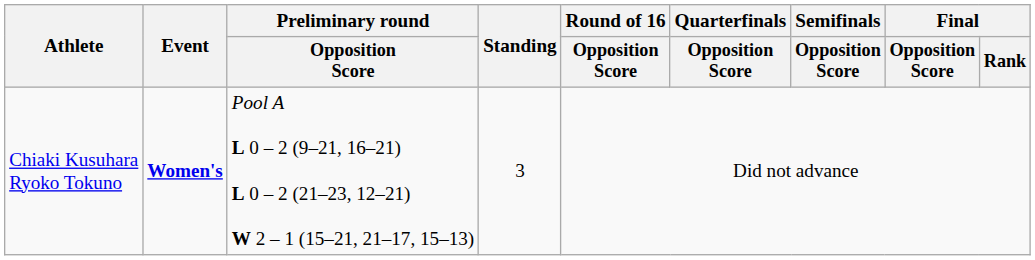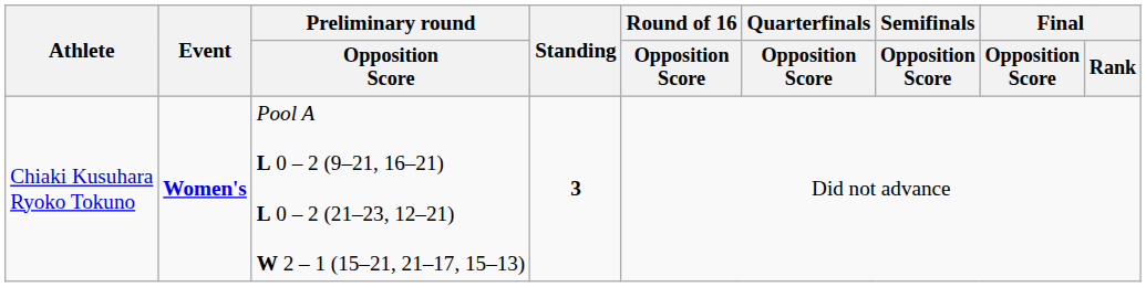 <table class=wikitable style="font-size:90%">
 <tr>
 <th rowspan="2">Athlete</th>
 <th rowspan="2">Event</th>
 <th>Preliminary round</th>
 <th rowspan="2">Standing</th>
 <th>Round of 16</th>
 <th>Quarterfinals</th>
 <th>Semifinals</th>
 <th colspan=2>Final</th>
 </tr>
 <tr style="font-size:95%">
 <th>Opposition<br>Score</th>
 <th>Opposition<br>Score</th>
 <th>Opposition<br>Score</th>
 <th>Opposition<br>Score</th>
 <th>Opposition<br>Score</th>
 <th>Rank</th>
 </tr>
 <tr align=center>
 <td align=left><a href='#'>Chiaki Kusuhara</a><br><a href='#'>Ryoko Tokuno</a></td>
 <td align=left><strong><a href='#'>Women's</a></strong></td>
 <td align=left><em>Pool A</em><br><br><strong>L</strong> 0 – 2 (9–21, 16–21)<br><br><strong>L</strong>  0 – 2 (21–23, 12–21)<br><br><strong>W</strong> 2 – 1 (15–21, 21–17, 15–13)</td>
-<td>3</td>
+<td><strong>3</strong></td>
 <td colspan=5>Did not advance</td>
 </tr>
 </table>
